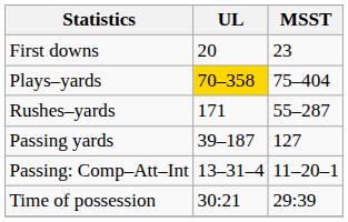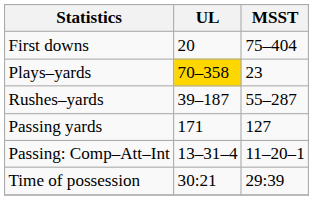 <table class="wikitable">
 <tr>
 <th>Statistics</th>
 <th>UL</th>
 <th>MSST</th>
 </tr>
 <tr>
 <td>First downs</td>
 <td>20</td>
-<td>23</td>
+<td>75–404</td>
 </tr>
 <tr>
 <td>Plays–yards</td>
 <td style="background: gold;">70–358</td>
-<td>75–404</td>
+<td>23</td>
 </tr>
 <tr>
 <td>Rushes–yards</td>
-<td>171</td>
+<td>39–187</td>
 <td>55–287</td>
 </tr>
 <tr>
 <td>Passing yards</td>
-<td>39–187</td>
+<td>171</td>
 <td>127</td>
 </tr>
 <tr>
 <td>Passing: Comp–Att–Int</td>
 <td>13–31–4</td>
 <td>11–20–1</td>
 </tr>
 <tr>
 <td>Time of possession</td>
 <td>30:21</td>
 <td>29:39</td>
 </tr>
 <tr>
 </tr>
 </table>
